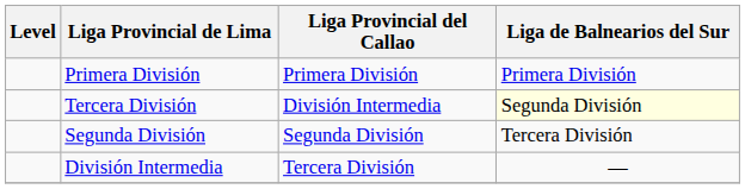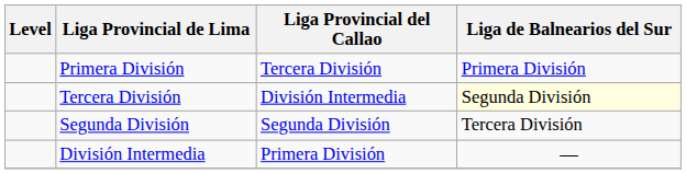 <table class="wikitable sortable">
 <tr>
 <th width=px>Level</th>
 <th width="170">Liga Provincial de Lima</th>
 <th width="170">Liga Provincial del Callao</th>
 <th width="190">Liga de Balnearios del Sur</th>
 </tr>
 <tr>
 <td></td>
 <td><a href='#'>Primera División</a></td>
-<td><a href='#'>Primera División</a></td>
+<td><a href='#'>Tercera División</a></td>
 <td><a href='#'>Primera División</a></td>
 </tr>
 <tr>
 <td></td>
 <td><a href='#'>Tercera División</a></td>
 <td><a href='#'>División Intermedia</a></td>
 <td style="background: lightyellow;">Segunda División</td>
 </tr>
 <tr>
 <td></td>
 <td><a href='#'>Segunda División</a></td>
 <td><a href='#'>Segunda División</a></td>
 <td>Tercera División</td>
 </tr>
 <tr>
 <td></td>
 <td><a href='#'>División Intermedia</a></td>
-<td><a href='#'>Tercera División</a></td>
+<td><a href='#'>Primera División</a></td>
 <td style="text-align:center;">—</td>
 </tr>
 <tr>
 </tr>
 </table>
